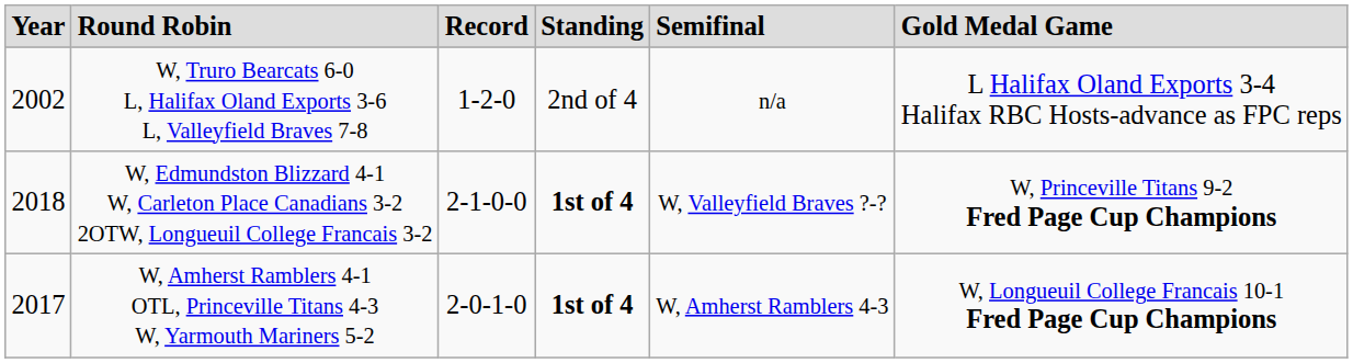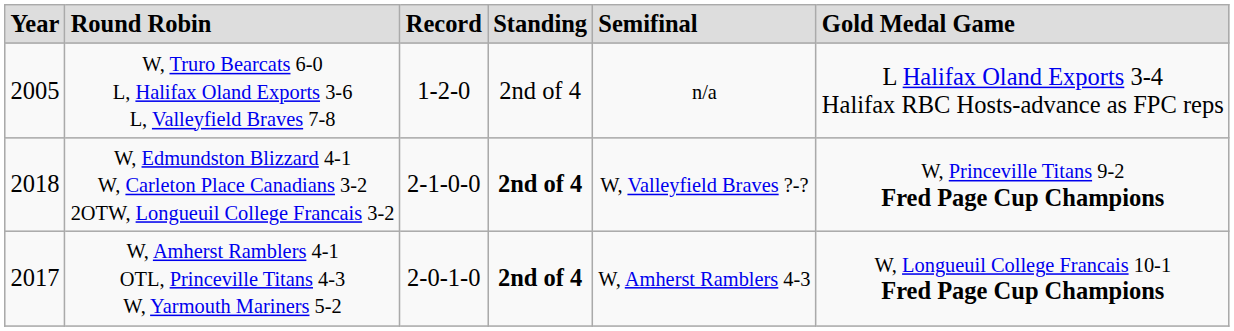 <table class="wikitable">
 <tr style="font-weight:bold; background-color:#dddddd;" |>
 <td>Year</td>
 <td>Round Robin</td>
 <td>Record</td>
 <td>Standing</td>
 <td>Semifinal</td>
 <td>Gold Medal Game</td>
 </tr>
 <tr align=center>
-<td>2002</td>
+<td>2005</td>
 <td><small>W, <a href='#'>Truro Bearcats</a> 6-0<br>L, <a href='#'>Halifax Oland Exports</a> 3-6<br>L, <a href='#'>Valleyfield Braves</a> 7-8</small></td>
 <td>1-2-0</td>
 <td>2nd of 4</td>
 <td><small>n/a</small></td>
 <td>L <a href='#'>Halifax Oland Exports</a> 3-4<br>Halifax RBC Hosts-advance as FPC reps</td>
 </tr>
 <tr align=center>
 <td>2018</td>
 <td><small>W, <a href='#'>Edmundston Blizzard</a> 4-1<br>W, <a href='#'>Carleton Place Canadians</a> 3-2<br>2OTW, <a href='#'>Longueuil College Francais</a> 3-2</small></td>
 <td>2-1-0-0</td>
-<td><strong>1st of 4</strong></td>
+<td><strong>2nd of 4</strong></td>
 <td><small>W, <a href='#'>Valleyfield Braves</a> ?-?</small></td>
 <td><small>W, <a href='#'>Princeville Titans</a> 9-2</small><br><strong>Fred Page Cup Champions</strong></td>
 </tr>
 <tr align=center>
 <td>2017</td>
 <td><small>W, <a href='#'>Amherst Ramblers</a> 4-1<br>OTL, <a href='#'>Princeville Titans</a> 4-3<br>W, <a href='#'>Yarmouth Mariners</a> 5-2</small></td>
 <td>2-0-1-0</td>
-<td><strong>1st of 4</strong></td>
+<td><strong>2nd of 4</strong></td>
 <td><small>W, <a href='#'>Amherst Ramblers</a> 4-3</small></td>
 <td><small>W, <a href='#'>Longueuil College Francais</a> 10-1</small><br><strong>Fred Page Cup Champions</strong></td>
 </tr>
 </table>
